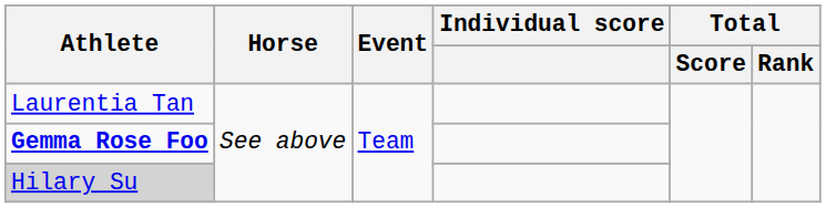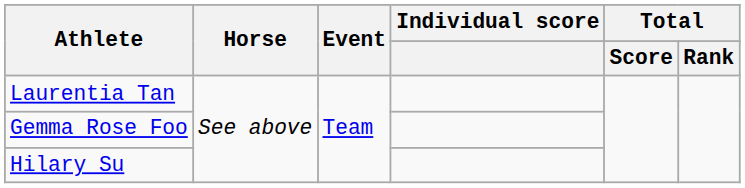 <table class=wikitable style="font-size:90%">
 <tr>
 <th rowspan="2">Athlete</th>
 <th rowspan="2">Horse</th>
 <th rowspan="2">Event</th>
 <th colspan="1">Individual score</th>
 <th colspan="2">Total</th>
 </tr>
 <tr>
 <th></th>
 <th>Score</th>
 <th>Rank</th>
 </tr>
 <tr align=center>
 <td align=left><a href='#'>Laurentia Tan</a></td>
 <td align=left rowspan=4><em>See above</em></td>
 <td align=left rowspan=4><a href='#'>Team</a></td>
 <td></td>
 <td rowspan="4"></td>
 <td rowspan="4"></td>
 </tr>
 <tr align=center>
-<td align=left><strong><a href='#'>Gemma Rose Foo</a></strong></td>
+<td align=left><a href='#'>Gemma Rose Foo</a></td>
 <td></td>
 </tr>
 <tr align=center>
-<td align=left style="background: lightgrey;"><a href='#'>Hilary Su</a></td>
+<td align=left><a href='#'>Hilary Su</a></td>
 <td></td>
 </tr>
 </table>
